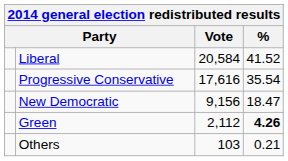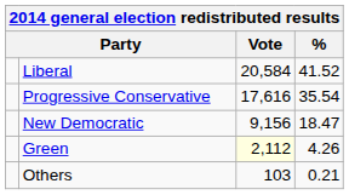 <table class="wikitable">
 <tr>
 <th colspan="4"><a href='#'>2014 general election</a> redistributed results</th>
 </tr>
 <tr>
 <th bgcolor="#DDDDFF" width="130px" colspan="2">Party</th>
 <th bgcolor="#DDDDFF" width="50px">Vote</th>
 <th bgcolor="#DDDDFF" width="30px">%</th>
 </tr>
 <tr>
 <td> </td>
 <td><a href='#'>Liberal</a></td>
 <td align=right>20,584</td>
 <td align=right>41.52</td>
 </tr>
 <tr>
 <td> </td>
 <td><a href='#'>Progressive Conservative</a></td>
 <td align=right>17,616</td>
 <td align=right>35.54</td>
 </tr>
 <tr>
 <td> </td>
 <td><a href='#'>New Democratic</a></td>
 <td align=right>9,156</td>
 <td align=right>18.47</td>
 </tr>
 <tr>
 <td> </td>
 <td><a href='#'>Green</a></td>
-<td align=right>2,112</td>
-<td align=right><strong>4.26</strong></td>
+<td align=right style="background: lightyellow;">2,112</td>
+<td align=right>4.26</td>
 </tr>
 <tr>
 <td> </td>
 <td>Others</td>
 <td align=right>103</td>
 <td align=right>0.21</td>
 </tr>
 </table>
